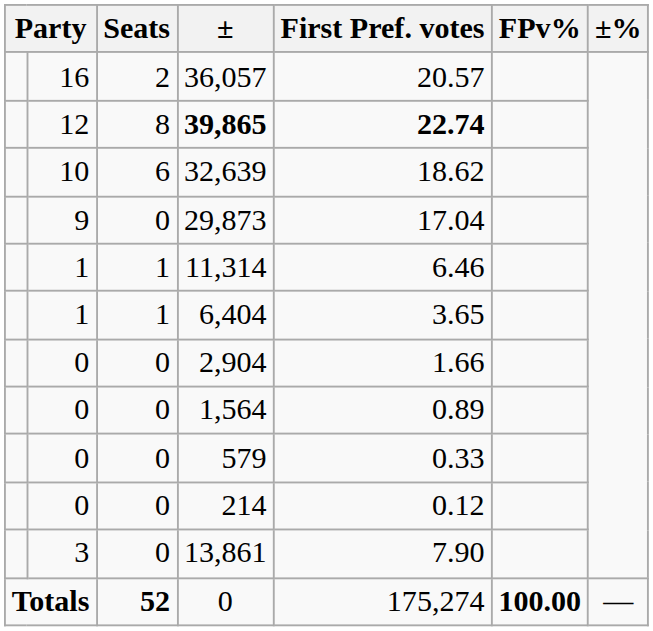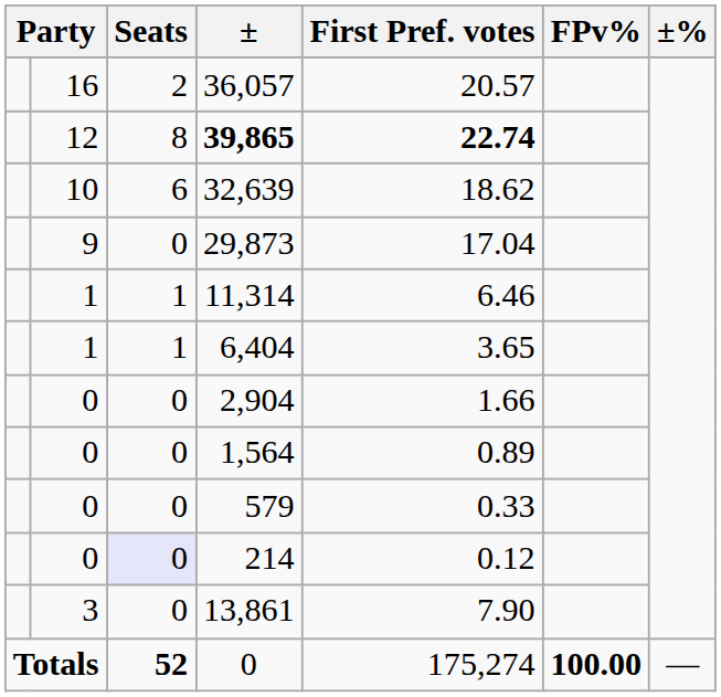 <table class=wikitable>
 <tr>
 <th colspan=2 align=center>Party</th>
 <th valign=top>Seats</th>
 <th valign=top>±</th>
 <th valign=top>First Pref. votes</th>
 <th valign=top>FPv%</th>
 <th valign=top>±%</th>
 </tr>
 <tr>
 <td></td>
 <td align=right>16</td>
 <td align=right> 2</td>
 <td align=right>36,057</td>
 <td align=right>20.57</td>
 <td align=right></td>
 </tr>
 <tr>
 <td></td>
 <td align=right>12</td>
 <td align=right> 8</td>
 <td align=right><strong>39,865</strong></td>
 <td align=right><strong>22.74</strong></td>
 <td align=right></td>
 </tr>
 <tr>
 <td></td>
 <td align=right>10</td>
 <td align=right> 6</td>
 <td align=right>32,639</td>
 <td align=right>18.62</td>
 <td align=right></td>
 </tr>
 <tr>
 <td></td>
 <td align=right>9</td>
 <td align=right> 0</td>
 <td align=right>29,873</td>
 <td align=right>17.04</td>
 <td align=right></td>
 </tr>
 <tr>
 <td></td>
 <td align=right>1</td>
 <td align=right> 1</td>
 <td align=right>11,314</td>
 <td align=right>6.46</td>
 <td align=right></td>
 </tr>
 <tr>
 <td></td>
 <td align=right>1</td>
 <td align=right> 1</td>
 <td align=right>6,404</td>
 <td align=right>3.65</td>
 <td align=right></td>
 </tr>
 <tr>
 <td></td>
 <td align=right>0</td>
 <td align=right> 0</td>
 <td align=right>2,904</td>
 <td align=right>1.66</td>
 <td align=right></td>
 </tr>
 <tr>
 <td></td>
 <td align=right>0</td>
 <td align=right> 0</td>
 <td align=right>1,564</td>
 <td align=right>0.89</td>
 <td align=right></td>
 </tr>
 <tr>
 <td></td>
 <td align=right>0</td>
 <td align=right> 0</td>
 <td align=right>579</td>
 <td align=right>0.33</td>
 <td align=right></td>
 </tr>
 <tr>
 <td></td>
 <td align=right>0</td>
-<td align=right> 0</td>
+<td align=right style="background: lavender;"> 0</td>
 <td align=right>214</td>
 <td align=right>0.12</td>
 <td align=right></td>
 </tr>
 <tr>
 <td></td>
 <td align=right>3</td>
 <td align=right> 0</td>
 <td align=right>13,861</td>
 <td align=right>7.90</td>
 <td align=right></td>
 </tr>
 <tr>
 <td colspan=2 align=center><strong>Totals</strong></td>
 <td align=right><strong>52</strong></td>
 <td align=center> 0</td>
 <td align=right>175,274</td>
 <td align=center><strong>100.00</strong></td>
 <td align=center>—</td>
 </tr>
 </table>
